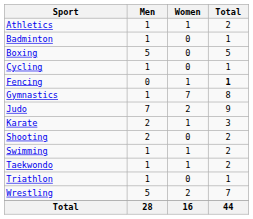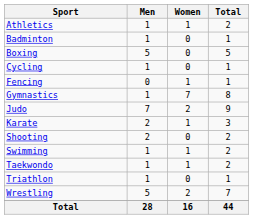 <table class="wikitable sortable" style="text-align:center;">
 <tr>
 <th width=180>Sport</th>
 <th width=55>Men</th>
 <th width=55>Women</th>
 <th width=55>Total</th>
 </tr>
 <tr>
 <td align=left><a href='#'>Athletics</a></td>
 <td>1</td>
 <td>1</td>
 <td>2</td>
 </tr>
 <tr>
 <td align=left><a href='#'>Badminton</a></td>
 <td>1</td>
 <td>0</td>
 <td>1</td>
 </tr>
 <tr>
 <td align=left><a href='#'>Boxing</a></td>
 <td>5</td>
 <td>0</td>
 <td>5</td>
 </tr>
 <tr>
 <td align=left><a href='#'>Cycling</a></td>
 <td>1</td>
 <td>0</td>
 <td>1</td>
 </tr>
 <tr>
 <td align=left><a href='#'>Fencing</a></td>
 <td>0</td>
 <td>1</td>
-<td><strong>1</strong></td>
+<td>1</td>
 </tr>
 <tr>
 <td align=left><a href='#'>Gymnastics</a></td>
 <td>1</td>
 <td>7</td>
 <td>8</td>
 </tr>
 <tr>
 <td align=left><a href='#'>Judo</a></td>
 <td>7</td>
 <td>2</td>
 <td>9</td>
 </tr>
 <tr>
 <td align=left><a href='#'>Karate</a></td>
 <td>2</td>
 <td>1</td>
 <td>3</td>
 </tr>
 <tr>
 <td align=left><a href='#'>Shooting</a></td>
 <td>2</td>
 <td>0</td>
 <td>2</td>
 </tr>
 <tr>
 <td align=left><a href='#'>Swimming</a></td>
 <td>1</td>
 <td>1</td>
 <td>2</td>
 </tr>
 <tr>
 <td align=left><a href='#'>Taekwondo</a></td>
 <td>1</td>
 <td>1</td>
 <td>2</td>
 </tr>
 <tr>
 <td align=left><a href='#'>Triathlon</a></td>
 <td>1</td>
 <td>0</td>
 <td>1</td>
 </tr>
 <tr>
 <td align=left><a href='#'>Wrestling</a></td>
 <td>5</td>
 <td>2</td>
 <td>7</td>
 </tr>
 <tr>
 </tr>
 <tr class="sortbottom">
 <th>Total</th>
 <th>28</th>
 <th>16</th>
 <th>44</th>
 </tr>
 </table>
